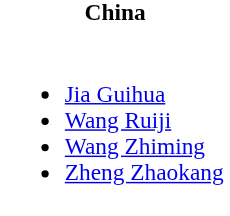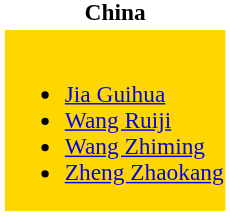 <table>
 <tr>
 <th>China</th>
 </tr>
 <tr>
-<td><br><ul><li><a href='#'>Jia Guihua</a></li><li><a href='#'>Wang Ruiji</a></li><li><a href='#'>Wang Zhiming</a></li><li><a href='#'>Zheng Zhaokang</a></li></ul></td>
+<td style="background: gold;"><br><ul><li><a href='#'>Jia Guihua</a></li><li><a href='#'>Wang Ruiji</a></li><li><a href='#'>Wang Zhiming</a></li><li><a href='#'>Zheng Zhaokang</a></li></ul></td>
 </tr>
 </table>
